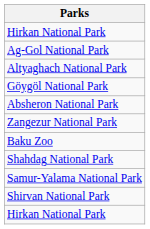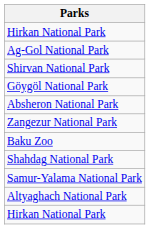 <table class="wikitable">
 <tr>
 <th>Parks</th>
 </tr>
 <tr>
 <td><a href='#'>Hirkan National Park</a></td>
 </tr>
 <tr>
 <td><a href='#'>Ag-Gol National Park</a></td>
 </tr>
 <tr>
-<td><a href='#'>Altyaghach National Park</a></td>
+<td><a href='#'>Shirvan National Park</a></td>
 </tr>
 <tr>
 <td><a href='#'>Göygöl National Park</a></td>
 </tr>
 <tr>
 <td><a href='#'>Absheron National Park</a></td>
 </tr>
 <tr>
 <td><a href='#'>Zangezur National Park</a></td>
 </tr>
 <tr>
 <td><a href='#'>Baku Zoo</a></td>
 </tr>
 <tr>
 <td><a href='#'>Shahdag National Park</a></td>
 </tr>
 <tr>
 <td><a href='#'>Samur-Yalama National Park</a></td>
 </tr>
 <tr>
-<td><a href='#'>Shirvan National Park</a></td>
+<td><a href='#'>Altyaghach National Park</a></td>
 </tr>
 <tr>
 <td><a href='#'>Hirkan National Park</a></td>
 </tr>
 </table>
